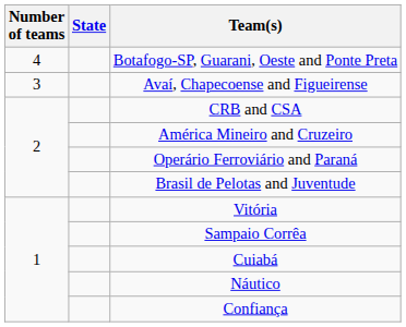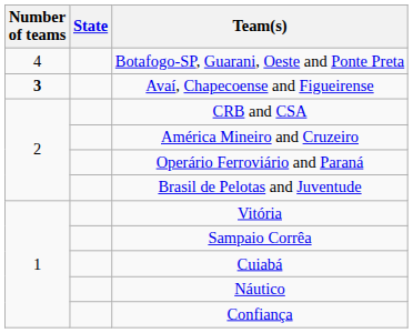 <table class="wikitable" style="text-align:center">
 <tr>
 <th>Number<br>of teams</th>
 <th><a href='#'>State</a></th>
 <th>Team(s)</th>
 </tr>
 <tr>
 <td>4</td>
 <td align=left></td>
 <td><a href='#'>Botafogo-SP</a>, <a href='#'>Guarani</a>, <a href='#'>Oeste</a> and <a href='#'>Ponte Preta</a></td>
 </tr>
 <tr>
-<td>3</td>
+<td><strong>3</strong></td>
 <td align=left></td>
 <td><a href='#'>Avaí</a>, <a href='#'>Chapecoense</a> and <a href='#'>Figueirense</a></td>
 </tr>
 <tr>
 <td rowspan=4>2</td>
 <td align=left></td>
 <td><a href='#'>CRB</a> and <a href='#'>CSA</a></td>
 </tr>
 <tr>
 <td align=left></td>
 <td><a href='#'>América Mineiro</a> and <a href='#'>Cruzeiro</a></td>
 </tr>
 <tr>
 <td align=left></td>
 <td><a href='#'>Operário Ferroviário</a> and <a href='#'>Paraná</a></td>
 </tr>
 <tr>
 <td align=left></td>
 <td><a href='#'>Brasil de Pelotas</a> and <a href='#'>Juventude</a></td>
 </tr>
 <tr>
 <td rowspan=5>1</td>
 <td align=left></td>
 <td><a href='#'>Vitória</a></td>
 </tr>
 <tr>
 <td align=left></td>
 <td><a href='#'>Sampaio Corrêa</a></td>
 </tr>
 <tr>
 <td align=left></td>
 <td><a href='#'>Cuiabá</a></td>
 </tr>
 <tr>
 <td align=left></td>
 <td><a href='#'>Náutico</a></td>
 </tr>
 <tr>
 <td align=left></td>
 <td><a href='#'>Confiança</a></td>
 </tr>
 </table>
